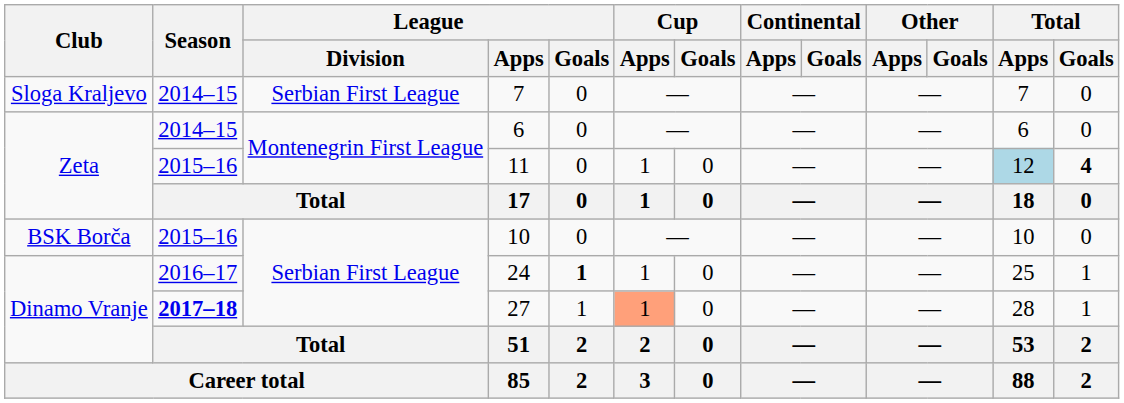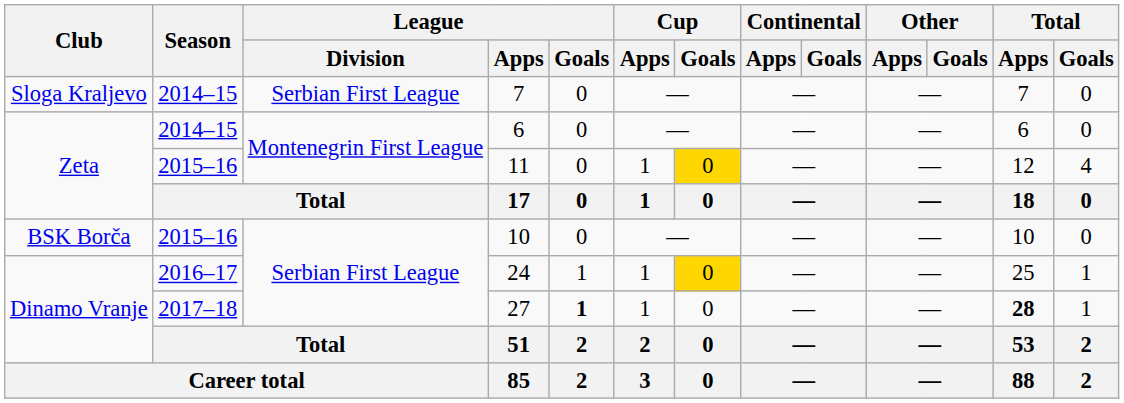 <table class="wikitable" style="text-align:center">
 <tr>
 <th rowspan="2">Club</th>
 <th rowspan="2">Season</th>
 <th colspan="3">League</th>
 <th colspan="2">Cup</th>
 <th colspan="2">Continental</th>
 <th colspan="2">Other</th>
 <th colspan="2">Total</th>
 </tr>
 <tr>
 <th>Division</th>
 <th>Apps</th>
 <th>Goals</th>
 <th>Apps</th>
 <th>Goals</th>
 <th>Apps</th>
 <th>Goals</th>
 <th>Apps</th>
 <th>Goals</th>
 <th>Apps</th>
 <th>Goals</th>
 </tr>
 <tr>
 <td><a href='#'>Sloga Kraljevo</a></td>
 <td><a href='#'>2014–15</a></td>
 <td><a href='#'>Serbian First League</a></td>
 <td>7</td>
 <td>0</td>
 <td colspan="2">—</td>
 <td colspan="2">—</td>
 <td colspan="2">—</td>
 <td>7</td>
 <td>0</td>
 </tr>
 <tr>
 <td rowspan="3"><a href='#'>Zeta</a></td>
 <td><a href='#'>2014–15</a></td>
 <td rowspan=2><a href='#'>Montenegrin First League</a></td>
 <td>6</td>
 <td>0</td>
 <td colspan="2">—</td>
 <td colspan="2">—</td>
 <td colspan="2">—</td>
 <td>6</td>
 <td>0</td>
 </tr>
 <tr>
 <td><a href='#'>2015–16</a></td>
 <td>11</td>
 <td>0</td>
 <td>1</td>
-<td>0</td>
+<td style="background: gold;">0</td>
 <td colspan="2">—</td>
 <td colspan="2">—</td>
-<td style="background: lightblue;">12</td>
-<td><strong>4</strong></td>
+<td>12</td>
+<td>4</td>
 </tr>
 <tr>
 <th colspan="2">Total</th>
 <th>17</th>
 <th>0</th>
 <th>1</th>
 <th>0</th>
 <th colspan="2">—</th>
 <th colspan="2">—</th>
 <th>18</th>
 <th>0</th>
 </tr>
 <tr>
 <td><a href='#'>BSK Borča</a></td>
 <td><a href='#'>2015–16</a></td>
 <td rowspan=3><a href='#'>Serbian First League</a></td>
 <td>10</td>
 <td>0</td>
 <td colspan="2">—</td>
 <td colspan="2">—</td>
 <td colspan="2">—</td>
 <td>10</td>
 <td>0</td>
 </tr>
 <tr>
 <td rowspan="3"><a href='#'>Dinamo Vranje</a></td>
 <td><a href='#'>2016–17</a></td>
 <td>24</td>
-<td><strong>1</strong></td>
 <td>1</td>
-<td>0</td>
+<td>1</td>
+<td style="background: gold;">0</td>
 <td colspan="2">—</td>
 <td colspan="2">—</td>
 <td>25</td>
 <td>1</td>
 </tr>
 <tr>
-<td><strong><a href='#'>2017–18</a></strong></td>
+<td><a href='#'>2017–18</a></td>
 <td>27</td>
+<td><strong>1</strong></td>
 <td>1</td>
-<td style="background: lightsalmon;">1</td>
 <td>0</td>
 <td colspan="2">—</td>
 <td colspan="2">—</td>
-<td>28</td>
+<td><strong>28</strong></td>
 <td>1</td>
 </tr>
 <tr>
 <th colspan="2">Total</th>
 <th>51</th>
 <th>2</th>
 <th>2</th>
 <th>0</th>
 <th colspan="2">—</th>
 <th colspan="2">—</th>
 <th>53</th>
 <th>2</th>
 </tr>
 <tr>
 <th colspan="3">Career total</th>
 <th>85</th>
 <th>2</th>
 <th>3</th>
 <th>0</th>
 <th colspan="2">—</th>
 <th colspan="2">—</th>
 <th>88</th>
 <th>2</th>
 </tr>
 </table>
